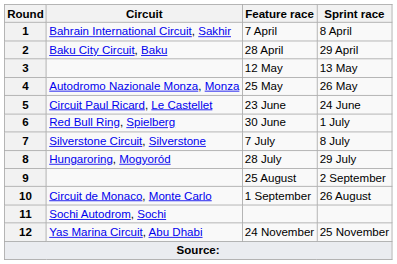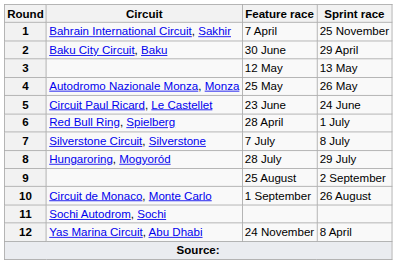 <table class=wikitable style="font-size:85%;">
 <tr>
 <th>Round</th>
 <th>Circuit</th>
 <th>Feature race</th>
 <th>Sprint race</th>
 </tr>
 <tr>
 <th>1</th>
 <td> <a href='#'>Bahrain International Circuit</a>, <a href='#'>Sakhir</a></td>
 <td>7 April</td>
-<td>8 April</td>
+<td>25 November</td>
 </tr>
 <tr>
 <th>2</th>
 <td> <a href='#'>Baku City Circuit</a>, <a href='#'>Baku</a></td>
-<td>28 April</td>
+<td>30 June</td>
 <td>29 April</td>
 </tr>
 <tr>
 <th>3</th>
 <td></td>
 <td>12 May</td>
 <td>13 May</td>
 </tr>
 <tr>
 <th>4</th>
 <td> <a href='#'>Autodromo Nazionale Monza</a>, <a href='#'>Monza</a></td>
 <td>25 May</td>
 <td>26 May</td>
 </tr>
 <tr>
 <th>5</th>
 <td> <a href='#'>Circuit Paul Ricard</a>, <a href='#'>Le Castellet</a></td>
 <td>23 June</td>
 <td>24 June</td>
 </tr>
 <tr>
 <th>6</th>
 <td> <a href='#'>Red Bull Ring</a>, <a href='#'>Spielberg</a></td>
-<td>30 June</td>
+<td>28 April</td>
 <td>1 July</td>
 </tr>
 <tr>
 <th>7</th>
 <td> <a href='#'>Silverstone Circuit</a>, <a href='#'>Silverstone</a></td>
 <td>7 July</td>
 <td>8 July</td>
 </tr>
 <tr>
 <th>8</th>
 <td> <a href='#'>Hungaroring</a>, <a href='#'>Mogyoród</a></td>
 <td>28 July</td>
 <td>29 July</td>
 </tr>
 <tr>
 <th>9</th>
 <td></td>
 <td>25 August</td>
 <td>2 September</td>
 </tr>
 <tr>
 <th>10</th>
 <td> <a href='#'>Circuit de Monaco</a>, <a href='#'>Monte Carlo</a></td>
 <td>1 September</td>
 <td>26 August</td>
 </tr>
 <tr>
 <th>11</th>
 <td> <a href='#'>Sochi Autodrom</a>, <a href='#'>Sochi</a></td>
 <td></td>
 <td></td>
 </tr>
 <tr>
 <th>12</th>
 <td> <a href='#'>Yas Marina Circuit</a>, <a href='#'>Abu Dhabi</a></td>
 <td>24 November</td>
-<td>25 November</td>
+<td>8 April</td>
 </tr>
 <tr>
 <td style="background-color:#EAECF0; text-align:center" colspan="4"><strong>Source:</strong></td>
 </tr>
 </table>
